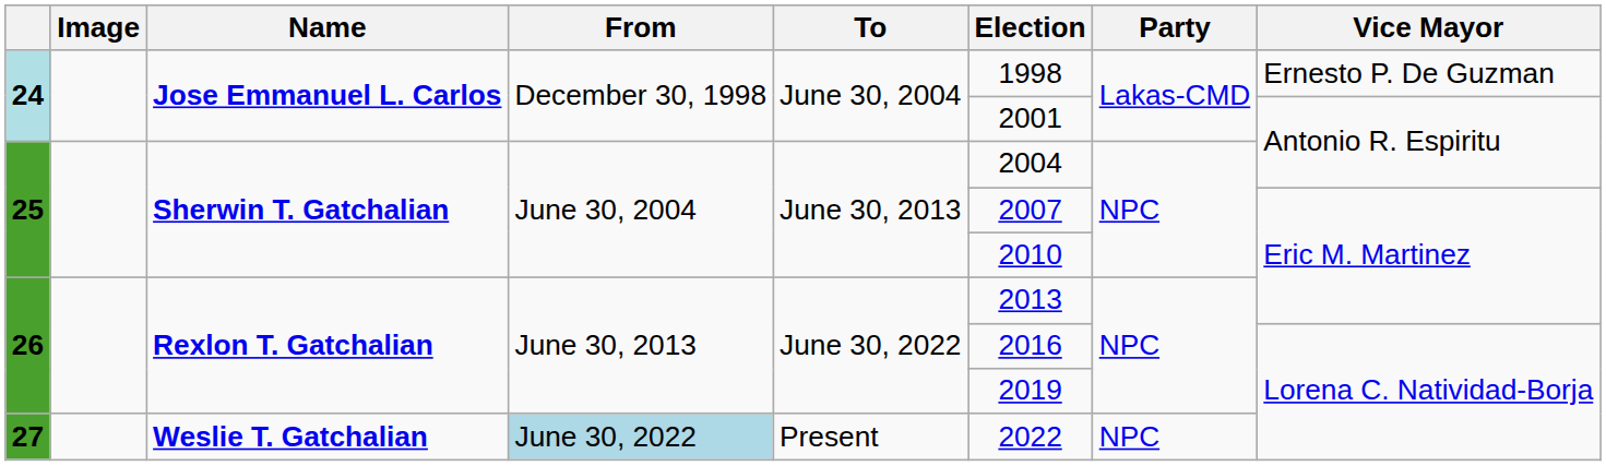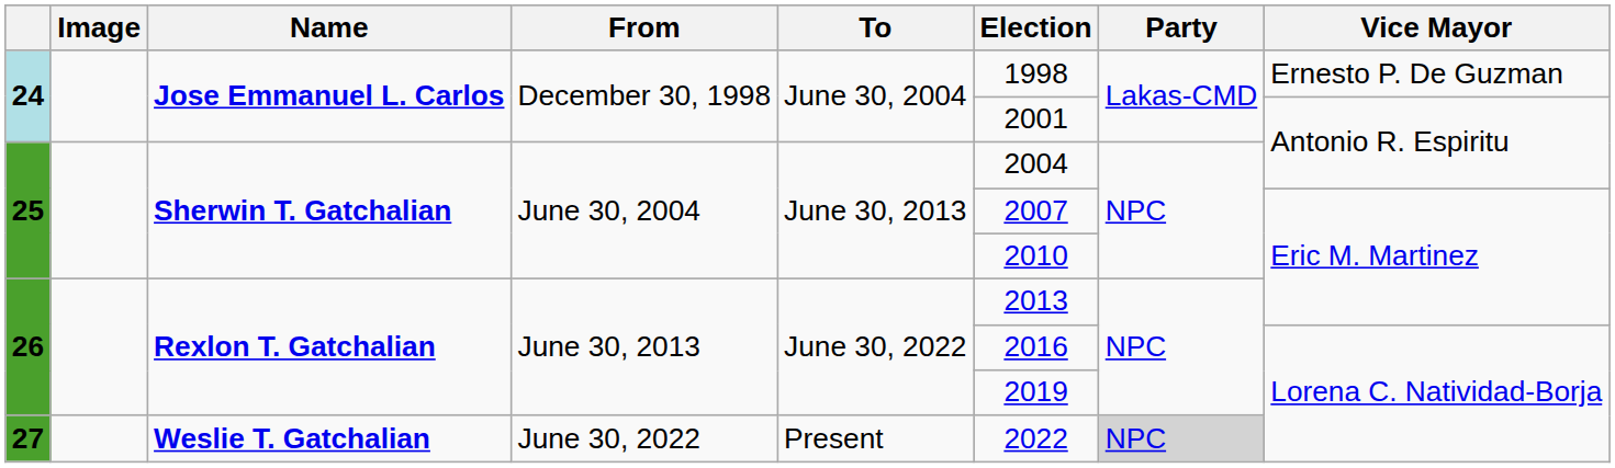 <table class="wikitable" style="float:center; ">
 <tr>
 <th></th>
 <th>Image</th>
 <th>Name</th>
 <th style="text-align:center;">From</th>
 <th style="text-align:center;">To</th>
 <th style="text-align:center;">Election</th>
 <th style="text-align:center;">Party</th>
 <th>Vice Mayor</th>
 </tr>
 <tr>
 <td style="background:#b0e0e6" rowspan="2"><strong>24</strong></td>
 <td rowspan="2"></td>
 <td rowspan="2"><a href='#'><strong>Jose Emmanuel L. Carlos</strong></a></td>
 <td rowspan="2">December 30, 1998</td>
 <td rowspan="2">June 30, 2004</td>
 <td style="text-align:center;">1998</td>
 <td rowspan="2"><a href='#'>Lakas-CMD</a></td>
 <td>Ernesto P. De Guzman</td>
 </tr>
 <tr>
 <td style="text-align:center;">2001</td>
 <td rowspan="2">Antonio R. Espiritu</td>
 </tr>
 <tr>
 <td style="background:#4AA02C" rowspan="3"><strong>25</strong></td>
 <td rowspan="3"></td>
 <td rowspan="3"><a href='#'><strong>Sherwin T. Gatchalian</strong></a></td>
 <td rowspan="3">June 30, 2004</td>
 <td rowspan="3">June 30, 2013</td>
 <td style="text-align:center;">2004</td>
 <td rowspan="3"><a href='#'>NPC</a></td>
 </tr>
 <tr>
 <td style="text-align:center;"><a href='#'>2007</a></td>
 <td rowspan="3"><a href='#'>Eric M. Martinez</a></td>
 </tr>
 <tr>
 <td style="text-align:center;"><a href='#'>2010</a></td>
 </tr>
 <tr>
 <td style="background:#4AA02C" rowspan="3"><strong>26</strong></td>
 <td rowspan="3"></td>
 <td rowspan="3"><a href='#'><strong>Rexlon T. Gatchalian</strong></a></td>
 <td rowspan="3">June 30, 2013</td>
 <td rowspan="3">June 30, 2022</td>
 <td style="text-align:center;"><a href='#'>2013</a></td>
 <td rowspan="3"><a href='#'>NPC</a></td>
 </tr>
 <tr>
 <td style="text-align:center;"><a href='#'>2016</a></td>
 <td rowspan="3"><a href='#'>Lorena C. Natividad-Borja</a></td>
 </tr>
 <tr>
 <td style="text-align:center;"><a href='#'>2019</a></td>
 </tr>
 <tr>
 <td style="background:#4AA02C"><strong>27</strong></td>
 <td></td>
 <td><strong><a href='#'>Weslie T. Gatchalian</a></strong></td>
-<td style="background: lightblue;">June 30, 2022</td>
+<td>June 30, 2022</td>
 <td>Present</td>
 <td style="text-align:center;"><a href='#'>2022</a></td>
-<td><a href='#'>NPC</a></td>
+<td style="background: lightgrey;"><a href='#'>NPC</a></td>
 </tr>
 </table>
